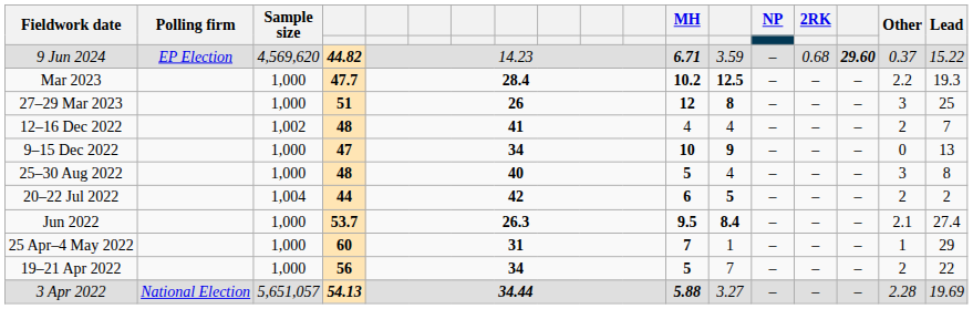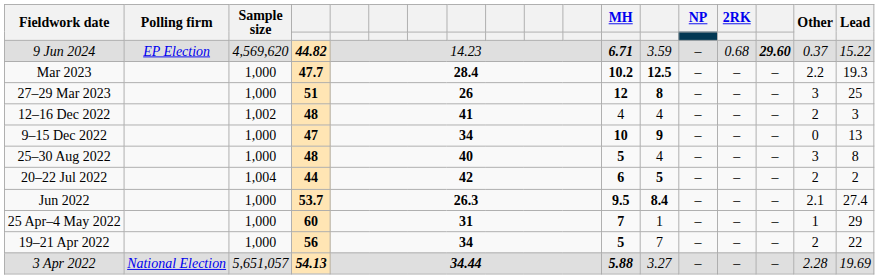 <table class="wikitable sortable" style="text-align:center;font-size:95%;line-height:16px;">
 <tr>
 <th rowspan="2">Fieldwork date</th>
 <th rowspan="2">Polling firm</th>
 <th rowspan="2">Sample<br>size</th>
 <th style="width:35px;"></th>
 <th style="width:35px;"></th>
 <th style="width:35px;"></th>
 <th style="width:35px;"></th>
 <th style="width:35px;"></th>
 <th style="width:35px;"></th>
 <th style="width:35px;"></th>
 <th style="width:35px;"></th>
 <th style="width:35px;"><a href='#'>MH</a></th>
 <th style="width:35px;"></th>
 <th style="width:35px;"><a href='#'>NP</a></th>
 <th style="width:35px;"><a href='#'>2RK</a></th>
 <th></th>
 <th rowspan="2">Other</th>
 <th rowspan="2">Lead</th>
 </tr>
 <tr>
 <th style="background:"></th>
 <th style="background:"></th>
 <th style="background:"></th>
 <th style="background:"></th>
 <th style="background:"></th>
 <th style="background:"></th>
 <th style="background:"></th>
 <th style="background:"></th>
 <th style="background:"></th>
 <th style="background:"></th>
 <th style="background:#023854;"></th>
 <th style="background:"></th>
 <th style="background:"></th>
 </tr>
 <tr style="background:#DFDFDF;">
 <td data-sort-value="2024-06-09"><em>9 Jun 2024</em></td>
 <td><em><a href='#'>EP Election</a></em></td>
 <td><em>4,569,620</em></td>
 <td style="background:#FFE5B4"><strong><em>44.82</em></strong></td>
 <td colspan="7"><em>14.23</em></td>
 <td><strong><em>6.71</em></strong></td>
 <td><em>3.59</em></td>
 <td>–</td>
 <td><em>0.68</em></td>
 <td><strong><em>29.60</em></strong></td>
 <td><em>0.37</em></td>
 <td style="background:"><em>15.22</em></td>
 </tr>
 <tr>
 <td data-sort-value="2023-03-31">Mar 2023</td>
 <td></td>
 <td>1,000</td>
 <td style="background:#FFE5B4"><strong>47.7</strong></td>
 <td colspan="7"><strong>28.4</strong></td>
 <td><strong>10.2</strong></td>
 <td><strong>12.5</strong></td>
 <td>–</td>
 <td>–</td>
 <td>–</td>
 <td>2.2</td>
 <td style="background:">19.3</td>
 </tr>
 <tr>
 <td data-sort-value="2023-03-29">27–29 Mar 2023</td>
 <td></td>
 <td>1,000</td>
 <td style="background:#FFE5B4"><strong>51</strong></td>
 <td colspan="7"><strong>26</strong></td>
 <td><strong>12</strong></td>
 <td><strong>8</strong></td>
 <td>–</td>
 <td>–</td>
 <td>–</td>
 <td>3</td>
 <td style="background:">25</td>
 </tr>
 <tr>
 <td data-sort-value="2022-12-16">12–16 Dec 2022</td>
 <td></td>
 <td>1,002</td>
 <td style="background:#FFE5B4"><strong>48</strong></td>
 <td colspan="7"><strong>41</strong></td>
 <td>4</td>
 <td>4</td>
 <td>–</td>
 <td>–</td>
 <td>–</td>
 <td>2</td>
-<td style="background:">7</td>
+<td style="background:">3</td>
 </tr>
 <tr>
 <td data-sort-value="2022-12-15">9–15 Dec 2022</td>
 <td></td>
 <td>1,000</td>
 <td style="background:#FFE5B4"><strong>47</strong></td>
 <td colspan="7"><strong>34</strong></td>
 <td><strong>10</strong></td>
 <td><strong>9</strong></td>
 <td>–</td>
 <td>–</td>
 <td>–</td>
 <td>0</td>
 <td style="background:">13</td>
 </tr>
 <tr>
 <td data-sort-value="2022-08-30">25–30 Aug 2022</td>
 <td></td>
 <td>1,000</td>
 <td style="background:#FFE5B4"><strong>48</strong></td>
 <td colspan="7"><strong>40</strong></td>
 <td><strong>5</strong></td>
 <td>4</td>
 <td>–</td>
 <td>–</td>
 <td>–</td>
 <td>3</td>
 <td style="background:">8</td>
 </tr>
 <tr>
 <td data-sort-value="2022-06-22">20–22 Jul 2022</td>
 <td></td>
 <td>1,004</td>
 <td style="background:#FFE5B4"><strong>44</strong></td>
 <td colspan="7"><strong>42</strong></td>
 <td><strong>6</strong></td>
 <td><strong>5</strong></td>
 <td>–</td>
 <td>–</td>
 <td>–</td>
 <td>2</td>
 <td style="background:">2</td>
 </tr>
 <tr>
 <td data-sort-value="2022-06-14">Jun 2022</td>
 <td></td>
 <td>1,000</td>
 <td style="background:#FFE5B4"><strong>53.7</strong></td>
 <td colspan="7"><strong>26.3</strong></td>
 <td><strong>9.5</strong></td>
 <td><strong>8.4</strong></td>
 <td>–</td>
 <td>–</td>
 <td>–</td>
 <td>2.1</td>
 <td style="background:">27.4</td>
 </tr>
 <tr>
 <td data-sort-value="2022-05-04">25 Apr–4 May 2022</td>
 <td></td>
 <td>1,000</td>
 <td style="background:#FFE5B4"><strong>60</strong></td>
 <td colspan="7"><strong>31</strong></td>
 <td><strong>7</strong></td>
 <td>1</td>
 <td>–</td>
 <td>–</td>
 <td>–</td>
 <td>1</td>
 <td style="background:">29</td>
 </tr>
 <tr>
 <td data-sort-value="2022-04-21">19–21 Apr 2022</td>
 <td></td>
 <td>1,000</td>
 <td style="background:#FFE5B4"><strong>56</strong></td>
 <td colspan="7"><strong>34</strong></td>
 <td><strong>5</strong></td>
 <td>7</td>
 <td>–</td>
 <td>–</td>
 <td>–</td>
 <td>2</td>
 <td style="background:">22</td>
 </tr>
 <tr style="background:#DFDFDF;">
 <td data-sort-value="2022-04-03"><em>3 Apr 2022</em></td>
 <td><em><a href='#'>National Election</a></em></td>
 <td><em>5,651,057</em></td>
 <td style="background:#FFE5B4"><strong><em>54.13</em></strong></td>
 <td colspan="7"><strong><em>34.44</em></strong></td>
 <td><strong><em>5.88</em></strong></td>
 <td><em>3.27</em></td>
 <td>–</td>
 <td>–</td>
 <td>–</td>
 <td><em>2.28</em></td>
 <td style="background:"><em>19.69</em></td>
 </tr>
 </table>
